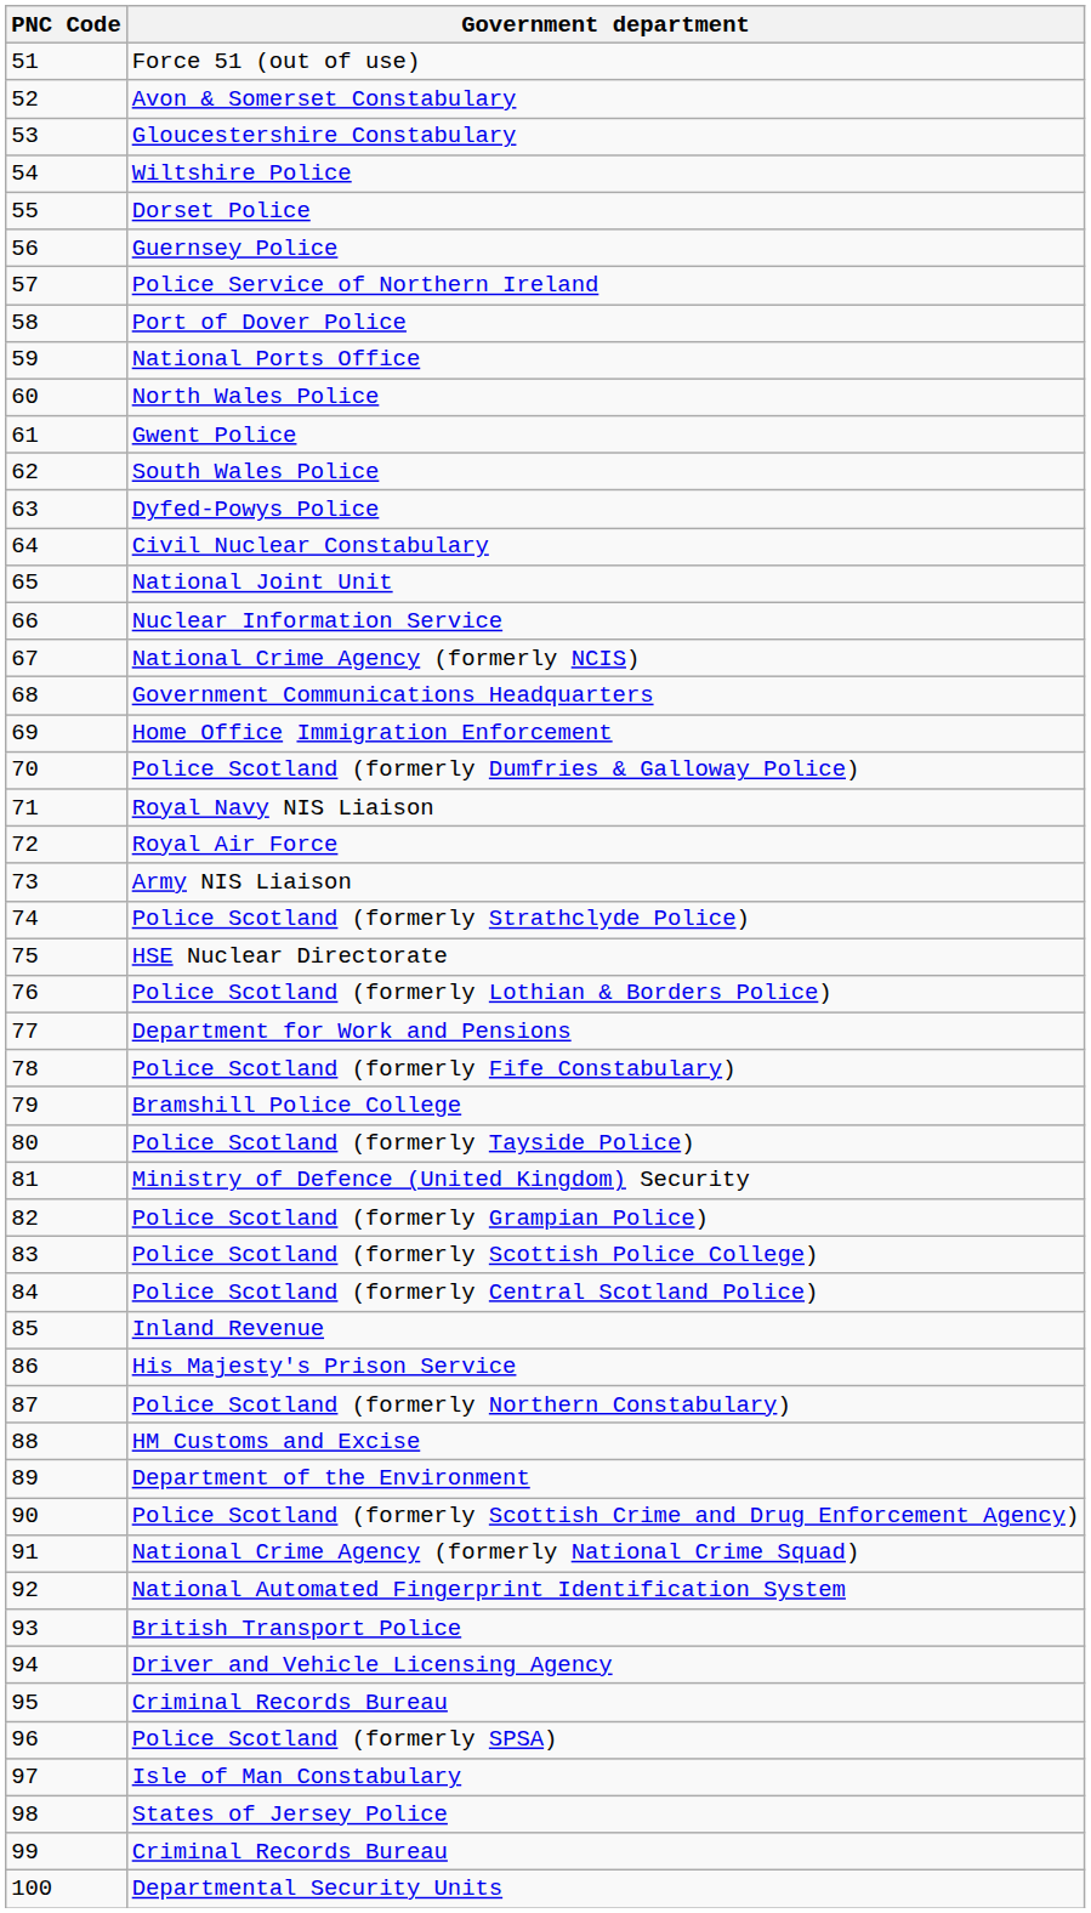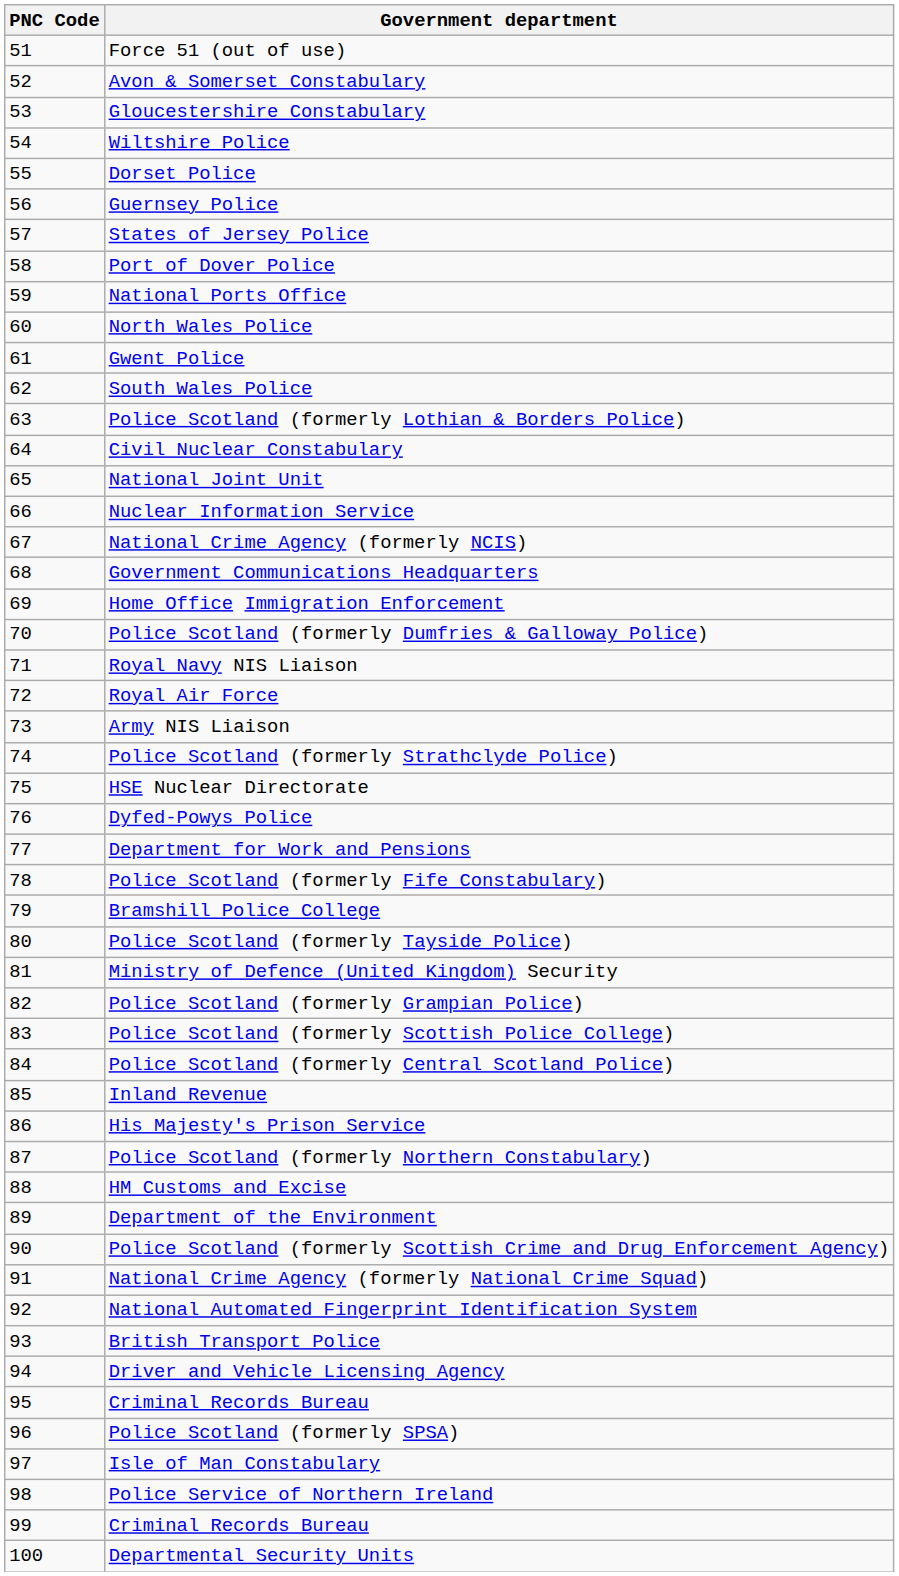 <table class="wikitable">
 <tr>
 <th>PNC Code</th>
 <th>Government department</th>
 </tr>
 <tr>
 <td>51</td>
 <td>Force 51 (out of use)</td>
 </tr>
 <tr>
 <td>52</td>
 <td><a href='#'>Avon & Somerset Constabulary</a></td>
 </tr>
 <tr>
 <td>53</td>
 <td><a href='#'>Gloucestershire Constabulary</a></td>
 </tr>
 <tr>
 <td>54</td>
 <td><a href='#'>Wiltshire Police</a></td>
 </tr>
 <tr>
 <td>55</td>
 <td><a href='#'>Dorset Police</a></td>
 </tr>
 <tr>
 <td>56</td>
 <td><a href='#'>Guernsey Police</a></td>
 </tr>
 <tr>
 <td>57</td>
-<td><a href='#'>Police Service of Northern Ireland</a></td>
+<td><a href='#'>States of Jersey Police</a></td>
 </tr>
 <tr>
 <td>58</td>
 <td><a href='#'>Port of Dover Police</a></td>
 </tr>
 <tr>
 <td>59</td>
 <td><a href='#'>National Ports Office</a></td>
 </tr>
 <tr>
 <td>60</td>
 <td><a href='#'>North Wales Police</a></td>
 </tr>
 <tr>
 <td>61</td>
 <td><a href='#'>Gwent Police</a></td>
 </tr>
 <tr>
 <td>62</td>
 <td><a href='#'>South Wales Police</a></td>
 </tr>
 <tr>
 <td>63</td>
-<td><a href='#'>Dyfed-Powys Police</a></td>
+<td><a href='#'>Police Scotland</a> (formerly <a href='#'>Lothian & Borders Police</a>)</td>
 </tr>
 <tr>
 <td>64</td>
 <td><a href='#'>Civil Nuclear Constabulary</a></td>
 </tr>
 <tr>
 <td>65</td>
 <td><a href='#'>National Joint Unit</a></td>
 </tr>
 <tr>
 <td>66</td>
 <td><a href='#'>Nuclear Information Service</a></td>
 </tr>
 <tr>
 <td>67</td>
 <td><a href='#'>National Crime Agency</a> (formerly <a href='#'>NCIS</a>)</td>
 </tr>
 <tr>
 <td>68</td>
 <td><a href='#'>Government Communications Headquarters</a></td>
 </tr>
 <tr>
 <td>69</td>
 <td><a href='#'>Home Office</a> <a href='#'>Immigration Enforcement</a></td>
 </tr>
 <tr>
 <td>70</td>
 <td><a href='#'>Police Scotland</a> (formerly <a href='#'>Dumfries & Galloway Police</a>)</td>
 </tr>
 <tr>
 <td>71</td>
 <td><a href='#'>Royal Navy</a> NIS Liaison</td>
 </tr>
 <tr>
 <td>72</td>
 <td><a href='#'>Royal Air Force</a></td>
 </tr>
 <tr>
 <td>73</td>
 <td><a href='#'>Army</a> NIS Liaison</td>
 </tr>
 <tr>
 <td>74</td>
 <td><a href='#'>Police Scotland</a> (formerly <a href='#'>Strathclyde Police</a>)</td>
 </tr>
 <tr>
 <td>75</td>
 <td><a href='#'>HSE</a> Nuclear Directorate</td>
 </tr>
 <tr>
 <td>76</td>
-<td><a href='#'>Police Scotland</a> (formerly <a href='#'>Lothian & Borders Police</a>)</td>
+<td><a href='#'>Dyfed-Powys Police</a></td>
 </tr>
 <tr>
 <td>77</td>
 <td><a href='#'>Department for Work and Pensions</a></td>
 </tr>
 <tr>
 <td>78</td>
 <td><a href='#'>Police Scotland</a> (formerly <a href='#'>Fife Constabulary</a>)</td>
 </tr>
 <tr>
 <td>79</td>
 <td><a href='#'>Bramshill Police College</a></td>
 </tr>
 <tr>
 <td>80</td>
 <td><a href='#'>Police Scotland</a> (formerly <a href='#'>Tayside Police</a>)</td>
 </tr>
 <tr>
 <td>81</td>
 <td><a href='#'>Ministry of Defence (United Kingdom)</a> Security</td>
 </tr>
 <tr>
 <td>82</td>
 <td><a href='#'>Police Scotland</a> (formerly <a href='#'>Grampian Police</a>)</td>
 </tr>
 <tr>
 <td>83</td>
 <td><a href='#'>Police Scotland</a> (formerly <a href='#'>Scottish Police College</a>)</td>
 </tr>
 <tr>
 <td>84</td>
 <td><a href='#'>Police Scotland</a> (formerly <a href='#'>Central Scotland Police</a>)</td>
 </tr>
 <tr>
 <td>85</td>
 <td><a href='#'>Inland Revenue</a></td>
 </tr>
 <tr>
 <td>86</td>
 <td><a href='#'>His Majesty's Prison Service</a></td>
 </tr>
 <tr>
 <td>87</td>
 <td><a href='#'>Police Scotland</a> (formerly <a href='#'>Northern Constabulary</a>)</td>
 </tr>
 <tr>
 <td>88</td>
 <td><a href='#'>HM Customs and Excise</a></td>
 </tr>
 <tr>
 <td>89</td>
 <td><a href='#'>Department of the Environment</a></td>
 </tr>
 <tr>
 <td>90</td>
 <td><a href='#'>Police Scotland</a> (formerly <a href='#'>Scottish Crime and Drug Enforcement Agency</a>)</td>
 </tr>
 <tr>
 <td>91</td>
 <td><a href='#'>National Crime Agency</a> (formerly <a href='#'>National Crime Squad</a>)</td>
 </tr>
 <tr>
 <td>92</td>
 <td><a href='#'>National Automated Fingerprint Identification System</a></td>
 </tr>
 <tr>
 <td>93</td>
 <td><a href='#'>British Transport Police</a></td>
 </tr>
 <tr>
 <td>94</td>
 <td><a href='#'>Driver and Vehicle Licensing Agency</a></td>
 </tr>
 <tr>
 <td>95</td>
 <td><a href='#'>Criminal Records Bureau</a></td>
 </tr>
 <tr>
 <td>96</td>
 <td><a href='#'>Police Scotland</a> (formerly <a href='#'>SPSA</a>)</td>
 </tr>
 <tr>
 <td>97</td>
 <td><a href='#'>Isle of Man Constabulary</a></td>
 </tr>
 <tr>
 <td>98</td>
-<td><a href='#'>States of Jersey Police</a></td>
+<td><a href='#'>Police Service of Northern Ireland</a></td>
 </tr>
 <tr>
 <td>99</td>
 <td><a href='#'>Criminal Records Bureau</a></td>
 </tr>
 <tr>
 <td>100</td>
 <td><a href='#'>Departmental Security Units</a></td>
 </tr>
 </table>
